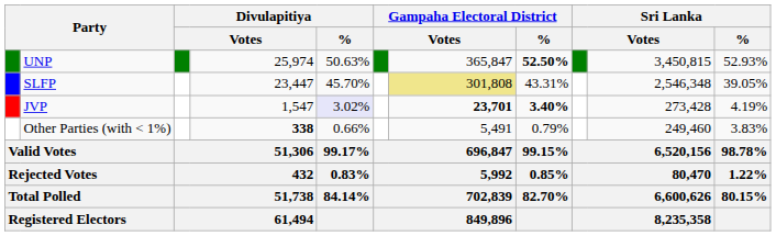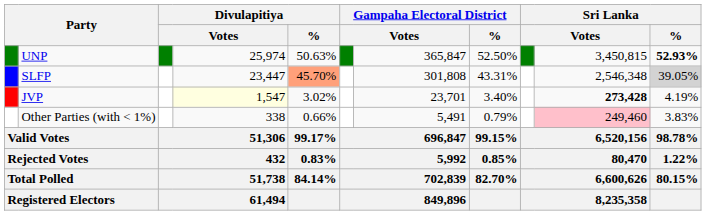 <table class="wikitable">
 <tr>
 <th colspan="2" width="144px"rowspan="2">Party</th>
 <th colspan="3" width="216px">Divulapitiya</th>
 <th colspan="3" width="216px"><a href='#'>Gampaha Electoral District</a></th>
 <th colspan="3" width="216px">Sri Lanka</th>
 </tr>
 <tr>
 <th colspan="2" width="144px">Votes</th>
 <th>%</th>
 <th colspan="2" width="144px">Votes</th>
 <th>%</th>
 <th colspan="2" width="144px">Votes</th>
 <th>%</th>
 </tr>
 <tr>
 <td style="background-color:green;" width="10px"></td>
 <td style="text-align:left;"><a href='#'>UNP</a></td>
 <td style="background-color:green;" width="10px"></td>
 <td style="text-align:right;">25,974</td>
 <td style="text-align:right;">50.63%</td>
 <td style="background-color:green;" width="10px"></td>
 <td style="text-align:right;">365,847</td>
-<td style="text-align:right;"><strong>52.50%</strong></td>
+<td style="text-align:right;">52.50%</td>
 <td style="background-color:green;" width="10px"></td>
 <td style="text-align:right;">3,450,815</td>
-<td style="text-align:right;">52.93%</td>
+<td style="text-align:right;"><strong>52.93%</strong></td>
 </tr>
 <tr>
 <td style="background-color:blue;" width="10px"></td>
 <td style="text-align:left;"><a href='#'>SLFP</a></td>
 <td style="background-color:white;" width="10px"></td>
 <td style="text-align:right;">23,447</td>
-<td style="text-align:right;">45.70%</td>
+<td style="background: lightsalmon; text-align:right;">45.70%</td>
 <td style="background-color:white;" width="10px"></td>
-<td style="background: khaki; text-align:right;">301,808</td>
+<td style="text-align:right;">301,808</td>
 <td style="text-align:right;">43.31%</td>
 <td style="background-color:white;" width="10px"></td>
 <td style="text-align:right;">2,546,348</td>
-<td style="text-align:right;">39.05%</td>
+<td style="background: lightgrey; text-align:right;">39.05%</td>
 </tr>
 <tr>
 <td style="background-color:red;" width="10px"></td>
 <td style="text-align:left;"><a href='#'>JVP</a></td>
 <td style="background-color:white;" width="10px"></td>
-<td style="text-align:right;">1,547</td>
-<td style="background: lavender; text-align:right;">3.02%</td>
+<td style="background: lightyellow; text-align:right;">1,547</td>
+<td style="text-align:right;">3.02%</td>
 <td style="background-color:white;" width="10px"></td>
-<td style="text-align:right;"><strong>23,701</strong></td>
-<td style="text-align:right;"><strong>3.40%</strong></td>
+<td style="text-align:right;">23,701</td>
+<td style="text-align:right;">3.40%</td>
 <td style="background-color:white;" width="10px"></td>
-<td style="text-align:right;">273,428</td>
+<td style="text-align:right;"><strong>273,428</strong></td>
 <td style="text-align:right;">4.19%</td>
 </tr>
 <tr>
 <td style="background-color:white;" width="10px"></td>
 <td style="text-align:left;">Other Parties (with < 1%)</td>
 <td style="background-color:white;" width="10px"></td>
-<td style="text-align:right;"><strong>338</strong></td>
+<td style="text-align:right;">338</td>
 <td style="text-align:right;">0.66%</td>
 <td style="background-color:white;" width="10px"></td>
 <td style="text-align:right;">5,491</td>
 <td style="text-align:right;">0.79%</td>
 <td style="background-color:white;" width="10px"></td>
-<td style="text-align:right;">249,460</td>
+<td style="background: pink; text-align:right;">249,460</td>
 <td style="text-align:right;">3.83%</td>
 </tr>
 <tr>
 <th colspan="2" width="144px"style="text-align:left;">Valid Votes</th>
 <th style="text-align:right;"colspan="2" width="144px">51,306</th>
 <th style="text-align:right;">99.17%</th>
 <th style="text-align:right;"colspan="2" width="144px">696,847</th>
 <th style="text-align:right;">99.15%</th>
 <th style="text-align:right;"colspan="2" width="144px">6,520,156</th>
 <th style="text-align:right;">98.78%</th>
 </tr>
 <tr>
 <th colspan="2" width="144px"style="text-align:left;">Rejected Votes</th>
 <th style="text-align:right;"colspan="2" width="144px">432</th>
 <th style="text-align:right;">0.83%</th>
 <th style="text-align:right;"colspan="2" width="144px">5,992</th>
 <th style="text-align:right;">0.85%</th>
 <th style="text-align:right;"colspan="2" width="144px">80,470</th>
 <th style="text-align:right;">1.22%</th>
 </tr>
 <tr>
 <th colspan="2" width="144px"style="text-align:left;">Total Polled</th>
 <th style="text-align:right;"colspan="2" width="144px">51,738</th>
 <th style="text-align:right;">84.14%</th>
 <th style="text-align:right;"colspan="2" width="144px">702,839</th>
 <th style="text-align:right;">82.70%</th>
 <th style="text-align:right;"colspan="2" width="144px">6,600,626</th>
 <th style="text-align:right;">80.15%</th>
 </tr>
 <tr>
 <th colspan="2" width="144px"style="text-align:left;">Registered Electors</th>
 <th style="text-align:right;"colspan="2" width="144px">61,494</th>
 <th></th>
 <th style="text-align:right;"colspan="2" width="144px">849,896</th>
 <th></th>
 <th style="text-align:right;"colspan="2" width="144px">8,235,358</th>
 <th></th>
 </tr>
 </table>
